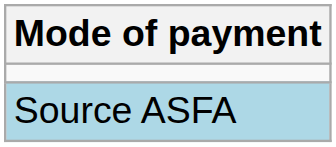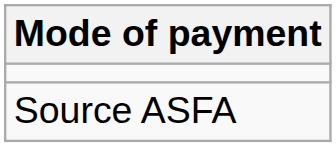 <table class="wikitable">
 <tr>
 <th>Mode of payment</th>
 </tr>
 <tr>
 <td></td>
 </tr>
 <tr>
-<td style="background: lightblue;">Source ASFA</td>
+<td>Source ASFA</td>
 </tr>
 </table>
